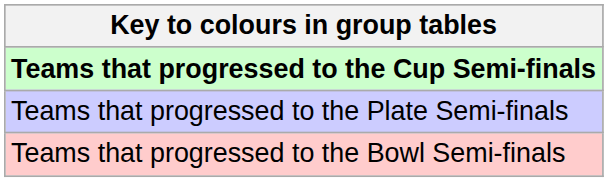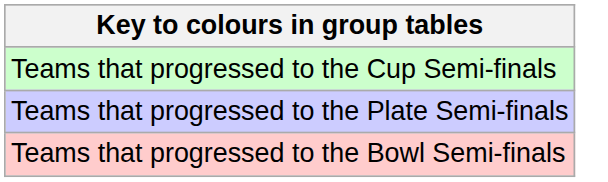 <table class="wikitable">
 <tr>
 <th>Key to colours in group tables</th>
 </tr>
 <tr bgcolor=#ccffcc>
-<td><strong>Teams that progressed to the Cup Semi-finals</strong></td>
+<td>Teams that progressed to the Cup Semi-finals</td>
 </tr>
 <tr bgcolor=#ccccff>
 <td>Teams that progressed to the Plate Semi-finals</td>
 </tr>
 <tr bgcolor="#ffcccc">
 <td>Teams that progressed to the Bowl Semi-finals</td>
 </tr>
 </table>
